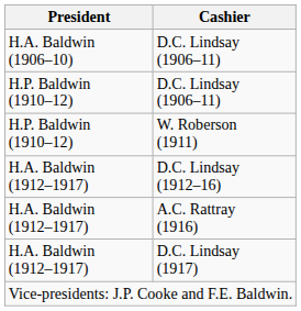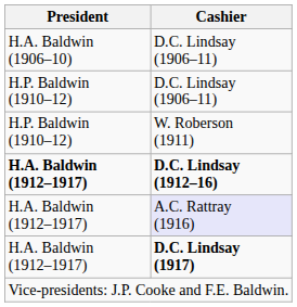 <table class="wikitable" style="display:inline-table;">
 <tr>
 <th scope="col">President</th>
 <th scope="col">Cashier</th>
 </tr>
 <tr>
 <td scope="row">H.A. Baldwin<br>(1906–10)</td>
 <td>D.C. Lindsay<br>(1906–11)</td>
 </tr>
 <tr>
 <td scope="row">H.P. Baldwin<br>(1910–12)</td>
 <td>D.C. Lindsay<br>(1906–11)</td>
 </tr>
 <tr>
 <td scope="row">H.P. Baldwin<br>(1910–12)</td>
 <td>W. Roberson<br>(1911)</td>
 </tr>
 <tr>
-<td scope="row">H.A. Baldwin<br>(1912–1917)</td>
-<td>D.C. Lindsay<br>(1912–16)</td>
+<td scope="row"><strong>H.A. Baldwin<br>(1912–1917)</strong></td>
+<td><strong>D.C. Lindsay<br>(1912–16)</strong></td>
 </tr>
 <tr>
 <td scope="row">H.A. Baldwin<br>(1912–1917)</td>
-<td>A.C. Rattray<br>(1916)</td>
+<td style="background: lavender;">A.C. Rattray<br>(1916)</td>
 </tr>
 <tr>
 <td scope="row">H.A. Baldwin<br>(1912–1917)</td>
-<td>D.C. Lindsay<br>(1917)</td>
+<td><strong>D.C. Lindsay<br>(1917)</strong></td>
 </tr>
 <tr>
 <td colspan="2">Vice-presidents: J.P. Cooke and F.E. Baldwin.</td>
 </tr>
 </table>
